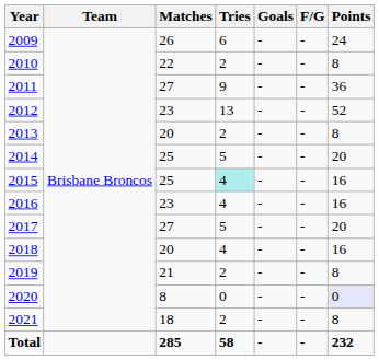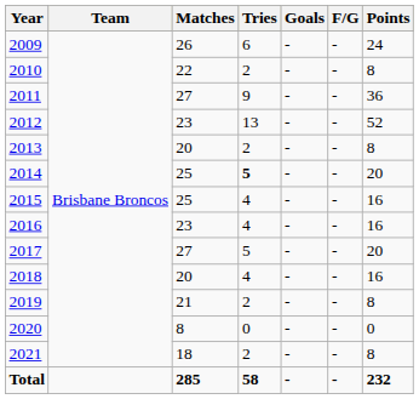 <table class="wikitable">
 <tr style="background:#bdb76b;">
 <th>Year</th>
 <th>Team</th>
 <th>Matches</th>
 <th>Tries</th>
 <th>Goals</th>
 <th>F/G</th>
 <th>Points</th>
 </tr>
 <tr>
 <td><a href='#'>2009</a></td>
 <td rowspan="13"> <a href='#'>Brisbane Broncos</a></td>
 <td>26</td>
 <td>6</td>
 <td>-</td>
 <td>-</td>
 <td>24</td>
 </tr>
 <tr>
 <td><a href='#'>2010</a></td>
 <td>22</td>
 <td>2</td>
 <td>-</td>
 <td>-</td>
 <td>8</td>
 </tr>
 <tr>
 <td><a href='#'>2011</a></td>
 <td>27</td>
 <td>9</td>
 <td>-</td>
 <td>-</td>
 <td>36</td>
 </tr>
 <tr>
 <td><a href='#'>2012</a></td>
 <td>23</td>
 <td>13</td>
 <td>-</td>
 <td>-</td>
 <td>52</td>
 </tr>
 <tr>
 <td><a href='#'>2013</a></td>
 <td>20</td>
 <td>2</td>
 <td>-</td>
 <td>-</td>
 <td>8</td>
 </tr>
 <tr>
 <td><a href='#'>2014</a></td>
 <td>25</td>
-<td>5</td>
+<td><strong>5</strong></td>
 <td>-</td>
 <td>-</td>
 <td>20</td>
 </tr>
 <tr>
 <td><a href='#'>2015</a></td>
 <td>25</td>
-<td style="background: paleturquoise;">4</td>
+<td>4</td>
 <td>-</td>
 <td>-</td>
 <td>16</td>
 </tr>
 <tr>
 <td><a href='#'>2016</a></td>
 <td>23</td>
 <td>4</td>
 <td>-</td>
 <td>-</td>
 <td>16</td>
 </tr>
 <tr>
 <td><a href='#'>2017</a></td>
 <td>27</td>
 <td>5</td>
 <td>-</td>
 <td>-</td>
 <td>20</td>
 </tr>
 <tr>
 <td><a href='#'>2018</a></td>
 <td>20</td>
 <td>4</td>
 <td>-</td>
 <td>-</td>
 <td>16</td>
 </tr>
 <tr>
 <td><a href='#'>2019</a></td>
 <td>21</td>
 <td>2</td>
 <td>-</td>
 <td>-</td>
 <td>8</td>
 </tr>
 <tr>
 <td><a href='#'>2020</a></td>
 <td>8</td>
 <td>0</td>
 <td>-</td>
 <td>-</td>
-<td style="background: lavender;">0</td>
+<td>0</td>
 </tr>
 <tr>
 <td><a href='#'>2021</a></td>
 <td>18</td>
 <td>2</td>
 <td>-</td>
 <td>-</td>
 <td>8</td>
 </tr>
 <tr>
 <td><strong>Total</strong></td>
 <td></td>
 <td><strong>285</strong></td>
 <td><strong>58</strong></td>
 <td><strong>-</strong></td>
 <td><strong>-</strong></td>
 <td><strong>232</strong></td>
 </tr>
 </table>
